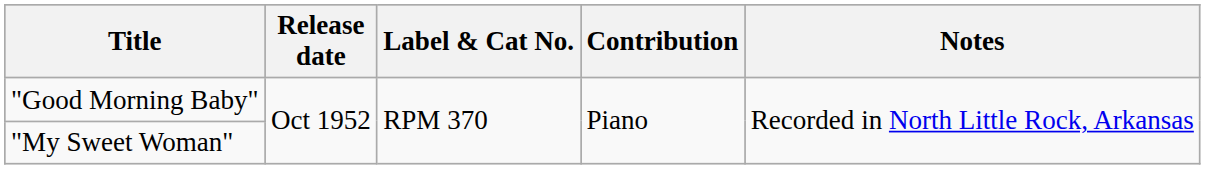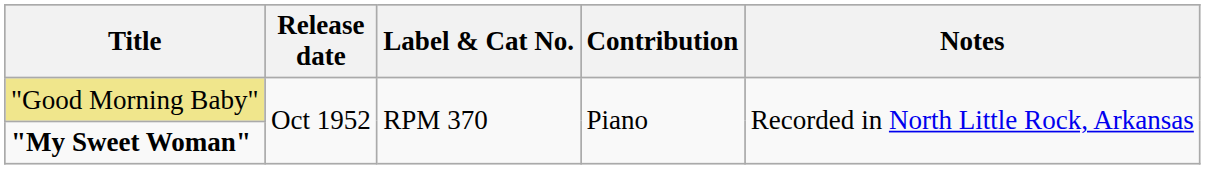 <table class="wikitable">
 <tr>
 <th>Title</th>
 <th>Release<br>date</th>
 <th>Label & Cat No.</th>
 <th>Contribution</th>
 <th>Notes</th>
 </tr>
 <tr>
-<td>"Good Morning Baby"</td>
+<td style="background: khaki;">"Good Morning Baby"</td>
 <td rowspan="2">Oct 1952</td>
 <td rowspan="2">RPM 370</td>
 <td rowspan="2">Piano</td>
 <td rowspan="2">Recorded in <a href='#'>North Little Rock, Arkansas</a></td>
 </tr>
 <tr>
-<td>"My Sweet Woman"</td>
+<td><strong>"My Sweet Woman"</strong></td>
 </tr>
 </table>
